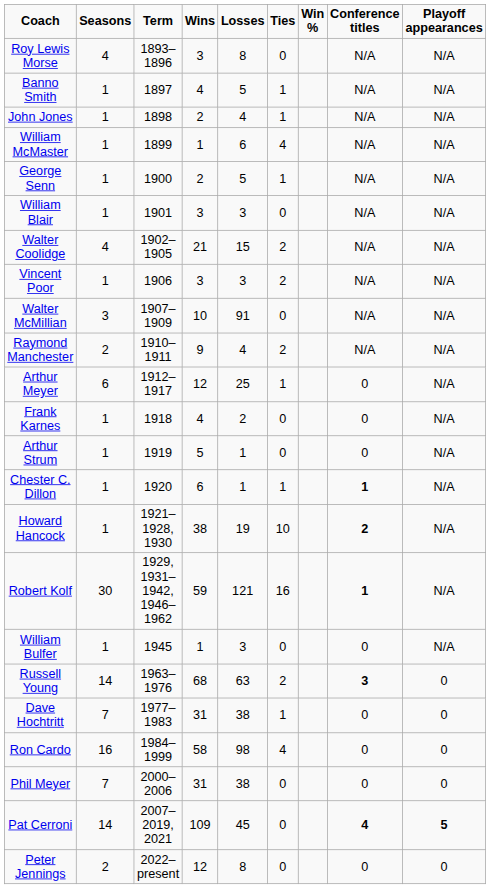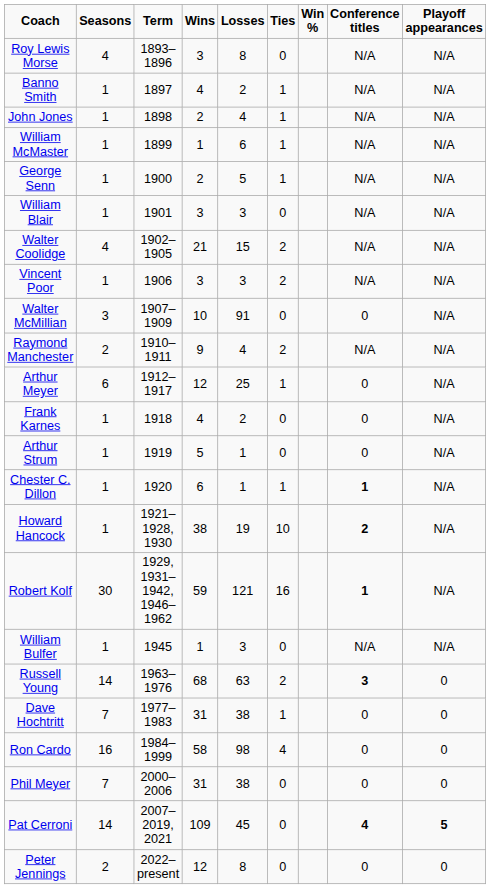 <table class="wikitable" style="text-align:center">
 <tr>
 <td><strong>Coach</strong></td>
 <td><strong>Seasons</strong></td>
 <td><strong>Term</strong></td>
 <td><strong>Wins</strong></td>
 <td><strong>Losses</strong></td>
 <td><strong>Ties</strong></td>
 <td><strong>Win %</strong></td>
 <td><strong>Conference titles</strong></td>
 <td><strong>Playoff appearances</strong></td>
 </tr>
 <tr>
 <td><a href='#'>Roy Lewis Morse</a></td>
 <td>4</td>
 <td>1893–1896</td>
 <td>3</td>
 <td>8</td>
 <td>0</td>
 <td></td>
 <td>N/A</td>
 <td>N/A</td>
 </tr>
 <tr>
 <td><a href='#'>Banno Smith</a></td>
 <td>1</td>
 <td>1897</td>
 <td>4</td>
-<td>5</td>
+<td>2</td>
 <td>1</td>
 <td></td>
 <td>N/A</td>
 <td>N/A</td>
 </tr>
 <tr>
 <td><a href='#'>John Jones</a></td>
 <td>1</td>
 <td>1898</td>
 <td>2</td>
 <td>4</td>
 <td>1</td>
 <td></td>
 <td>N/A</td>
 <td>N/A</td>
 </tr>
 <tr>
 <td><a href='#'>William McMaster</a></td>
 <td>1</td>
 <td>1899</td>
 <td>1</td>
 <td>6</td>
-<td>4</td>
+<td>1</td>
 <td></td>
 <td>N/A</td>
 <td>N/A</td>
 </tr>
 <tr>
 <td><a href='#'>George Senn</a></td>
 <td>1</td>
 <td>1900</td>
 <td>2</td>
 <td>5</td>
 <td>1</td>
 <td></td>
 <td>N/A</td>
 <td>N/A</td>
 </tr>
 <tr>
 <td><a href='#'>William Blair</a></td>
 <td>1</td>
 <td>1901</td>
 <td>3</td>
 <td>3</td>
 <td>0</td>
 <td></td>
 <td>N/A</td>
 <td>N/A</td>
 </tr>
 <tr>
 <td><a href='#'>Walter Coolidge</a></td>
 <td>4</td>
 <td>1902–1905</td>
 <td>21</td>
 <td>15</td>
 <td>2</td>
 <td></td>
 <td>N/A</td>
 <td>N/A</td>
 </tr>
 <tr>
 <td><a href='#'>Vincent Poor</a></td>
 <td>1</td>
 <td>1906</td>
 <td>3</td>
 <td>3</td>
 <td>2</td>
 <td></td>
 <td>N/A</td>
 <td>N/A</td>
 </tr>
 <tr>
 <td><a href='#'>Walter McMillian</a></td>
 <td>3</td>
 <td>1907–1909</td>
 <td>10</td>
 <td>91</td>
 <td>0</td>
 <td></td>
-<td>N/A</td>
+<td>0</td>
 <td>N/A</td>
 </tr>
 <tr>
 <td><a href='#'>Raymond Manchester</a></td>
 <td>2</td>
 <td>1910–1911</td>
 <td>9</td>
 <td>4</td>
 <td>2</td>
 <td></td>
 <td>N/A</td>
 <td>N/A</td>
 </tr>
 <tr>
 <td><a href='#'>Arthur Meyer</a></td>
 <td>6</td>
 <td>1912–1917</td>
 <td>12</td>
 <td>25</td>
 <td>1</td>
 <td></td>
 <td>0</td>
 <td>N/A</td>
 </tr>
 <tr>
 <td><a href='#'>Frank Karnes</a></td>
 <td>1</td>
 <td>1918</td>
 <td>4</td>
 <td>2</td>
 <td>0</td>
 <td></td>
 <td>0</td>
 <td>N/A</td>
 </tr>
 <tr>
 <td><a href='#'>Arthur Strum</a></td>
 <td>1</td>
 <td>1919</td>
 <td>5</td>
 <td>1</td>
 <td>0</td>
 <td></td>
 <td>0</td>
 <td>N/A</td>
 </tr>
 <tr>
 <td><a href='#'>Chester C. Dillon</a></td>
 <td>1</td>
 <td>1920</td>
 <td>6</td>
 <td>1</td>
 <td>1</td>
 <td></td>
 <td><strong>1</strong></td>
 <td>N/A</td>
 </tr>
 <tr>
 <td><a href='#'>Howard Hancock</a></td>
 <td>1</td>
 <td>1921–1928, 1930</td>
 <td>38</td>
 <td>19</td>
 <td>10</td>
 <td></td>
 <td><strong>2</strong></td>
 <td>N/A</td>
 </tr>
 <tr>
 <td><a href='#'>Robert Kolf</a></td>
 <td>30</td>
 <td>1929, 1931–1942, 1946–1962</td>
 <td>59</td>
 <td>121</td>
 <td>16</td>
 <td></td>
 <td><strong>1</strong></td>
 <td>N/A</td>
 </tr>
 <tr>
 <td><a href='#'>William Bulfer</a></td>
 <td>1</td>
 <td>1945</td>
 <td>1</td>
 <td>3</td>
 <td>0</td>
 <td></td>
-<td>0</td>
+<td>N/A</td>
 <td>N/A</td>
 </tr>
 <tr>
 <td><a href='#'>Russell Young</a></td>
 <td>14</td>
 <td>1963–1976</td>
 <td>68</td>
 <td>63</td>
 <td>2</td>
 <td></td>
 <td><strong>3</strong></td>
 <td>0</td>
 </tr>
 <tr>
 <td><a href='#'>Dave Hochtritt</a></td>
 <td>7</td>
 <td>1977–1983</td>
 <td>31</td>
 <td>38</td>
 <td>1</td>
 <td></td>
 <td>0</td>
 <td>0</td>
 </tr>
 <tr>
 <td><a href='#'>Ron Cardo</a></td>
 <td>16</td>
 <td>1984–1999</td>
 <td>58</td>
 <td>98</td>
 <td>4</td>
 <td></td>
 <td>0</td>
 <td>0</td>
 </tr>
 <tr>
 <td><a href='#'>Phil Meyer</a></td>
 <td>7</td>
 <td>2000–2006</td>
 <td>31</td>
 <td>38</td>
 <td>0</td>
 <td></td>
 <td>0</td>
 <td>0</td>
 </tr>
 <tr>
 <td><a href='#'>Pat Cerroni</a></td>
 <td>14</td>
 <td>2007–2019, 2021</td>
 <td>109</td>
 <td>45</td>
 <td>0</td>
 <td></td>
 <td><strong>4</strong></td>
 <td><strong>5</strong></td>
 </tr>
 <tr>
 <td><a href='#'>Peter Jennings</a></td>
 <td>2</td>
 <td>2022–present</td>
 <td>12</td>
 <td>8</td>
 <td>0</td>
 <td></td>
 <td>0</td>
 <td>0</td>
 </tr>
 </table>
